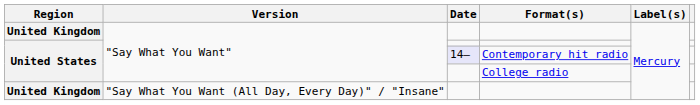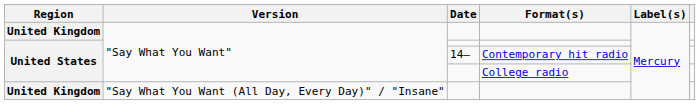 <table class="wikitable plainrowheaders">
 <tr>
 <th scope="col">Region</th>
 <th scope="col">Version</th>
 <th scope="col">Date</th>
 <th scope="col">Format(s)</th>
 <th scope="col">Label(s)</th>
 <th scope="col"></th>
 </tr>
 <tr>
 <th scope="row">United Kingdom</th>
 <td rowspan="4">"Say What You Want"</td>
 <td></td>
 <td></td>
 <td rowspan="5"><a href='#'>Mercury</a></td>
 <td align="center"></td>
 </tr>
 <tr>
 <th scope="row" rowspan="3">United States</th>
 <td></td>
 <td></td>
 <td align="center"></td>
 </tr>
 <tr>
-<td style="background: lavender;">14–</td>
+<td>14–</td>
 <td><a href='#'>Contemporary hit radio</a></td>
 <td align="center"></td>
 </tr>
 <tr>
 <td></td>
 <td><a href='#'>College radio</a></td>
 <td align="center"></td>
 </tr>
 <tr>
 <th scope="row">United Kingdom</th>
 <td>"Say What You Want (All Day, Every Day)" / "Insane"</td>
 <td></td>
 <td></td>
 <td align="center"></td>
 </tr>
 </table>
